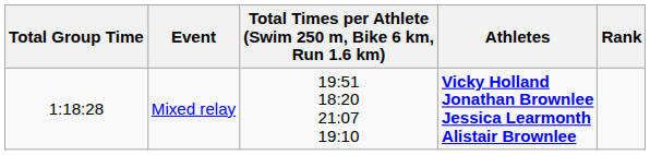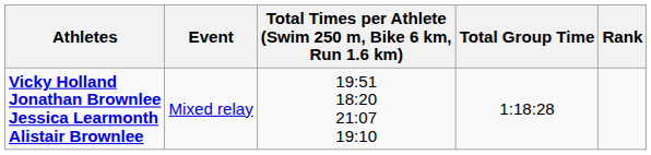 <table class="wikitable" border="1" style="font-size:90%">
 <tr>
-<th>Total Group Time</th>
+<th>Athletes</th>
 <th>Event</th>
 <th>Total Times per Athlete <br> (Swim 250 m, Bike 6 km, <br> Run 1.6 km)</th>
-<th>Athletes</th>
+<th>Total Group Time</th>
 <th>Rank</th>
 </tr>
 <tr>
-<td align="center">1:18:28</td>
+<td><strong><a href='#'>Vicky Holland</a><br><a href='#'>Jonathan Brownlee</a><br><a href='#'>Jessica Learmonth</a><br><a href='#'>Alistair Brownlee</a></strong></td>
 <td align="center"><a href='#'>Mixed relay</a></td>
 <td align="center">19:51<br>18:20<br>21:07<br>19:10</td>
-<td><strong><a href='#'>Vicky Holland</a><br><a href='#'>Jonathan Brownlee</a><br><a href='#'>Jessica Learmonth</a><br><a href='#'>Alistair Brownlee</a></strong></td>
+<td align="center">1:18:28</td>
 <td align="center"></td>
 </tr>
 </table>
